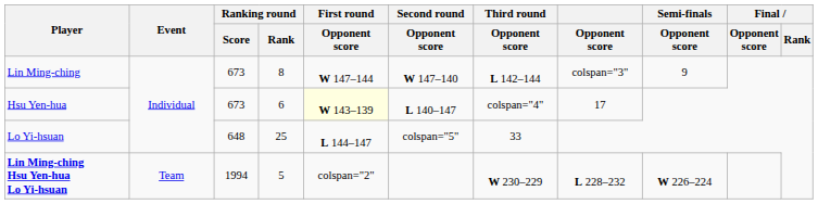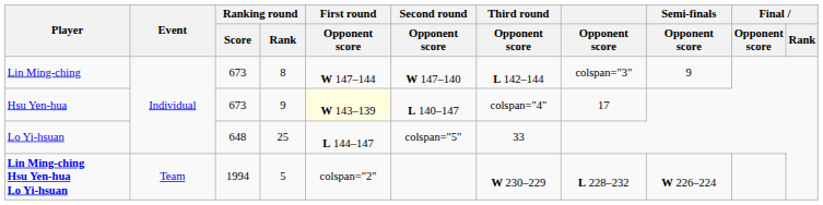 <table class="wikitable" style="font-size:90%; text-align:center">
 <tr>
 <th rowspan="2" width="150">Player</th>
 <th rowspan="2" width="100">Event</th>
 <th colspan="2">Ranking round</th>
 <th width="100">First round</th>
 <th width="100">Second round</th>
 <th width="100">Third round</th>
 <th width="100"></th>
 <th width="100">Semi-finals</th>
 <th colspan="2" width="100">Final / </th>
 </tr>
 <tr>
 <th width="50">Score</th>
 <th width="50">Rank</th>
 <th>Opponent<br>score</th>
 <th>Opponent<br>score</th>
 <th>Opponent<br>score</th>
 <th>Opponent<br>score</th>
 <th>Opponent<br>score</th>
 <th>Opponent<br>score</th>
 <th>Rank</th>
 </tr>
 <tr>
 <td align="left"><a href='#'>Lin Ming-ching</a></td>
 <td rowspan="3"><a href='#'>Individual</a></td>
 <td>673</td>
 <td>8</td>
 <td><br><strong>W</strong> 147–144</td>
 <td><br><strong>W</strong> 147–140</td>
 <td><br><strong>L</strong> 142–144</td>
 <td>colspan="3" </td>
 <td>9</td>
 </tr>
 <tr>
 <td align="left"><a href='#'>Hsu Yen-hua</a></td>
 <td>673</td>
-<td>6</td>
+<td>9</td>
 <td style="background: lightyellow;"><br><strong>W</strong> 143–139</td>
 <td><br><strong>L</strong> 140–147</td>
 <td>colspan="4" </td>
 <td>17</td>
 </tr>
 <tr>
 <td align="left"><a href='#'>Lo Yi-hsuan</a></td>
 <td>648</td>
 <td>25</td>
 <td><br><strong>L</strong> 144–147</td>
 <td>colspan="5" </td>
 <td>33</td>
 </tr>
 <tr>
 <td align="left"><strong><a href='#'>Lin Ming-ching</a><br><a href='#'>Hsu Yen-hua</a><br><a href='#'>Lo Yi-hsuan</a></strong></td>
 <td><a href='#'>Team</a></td>
 <td>1994</td>
 <td>5</td>
 <td>colspan="2" </td>
 <td></td>
 <td><br><strong>W</strong> 230–229</td>
 <td><br><strong>L</strong> 228–232</td>
 <td><br><strong>W</strong> 226–224</td>
 <td></td>
 </tr>
 </table>
